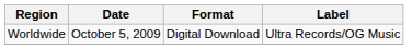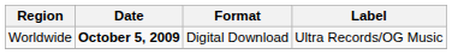 <table class=wikitable>
 <tr>
 <th>Region</th>
 <th>Date</th>
 <th>Format</th>
 <th>Label</th>
 </tr>
 <tr>
 <td>Worldwide</td>
-<td>October 5, 2009</td>
+<td><strong>October 5, 2009</strong></td>
 <td>Digital Download</td>
 <td>Ultra Records/OG Music</td>
 </tr>
 <tr>
 </tr>
 </table>
